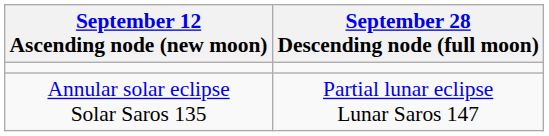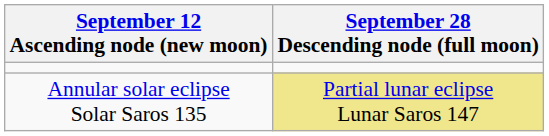 <table class="wikitable">
 <tr>
 <th><a href='#'>September 12</a><br>Ascending node (new moon)<br></th>
 <th><a href='#'>September 28</a><br>Descending node (full moon)<br></th>
 </tr>
 <tr>
 <td></td>
 <td></td>
 </tr>
 <tr align=center>
 <td><a href='#'>Annular solar eclipse</a><br>Solar Saros 135</td>
-<td><a href='#'>Partial lunar eclipse</a><br>Lunar Saros 147</td>
+<td style="background: khaki;"><a href='#'>Partial lunar eclipse</a><br>Lunar Saros 147</td>
 </tr>
 </table>
